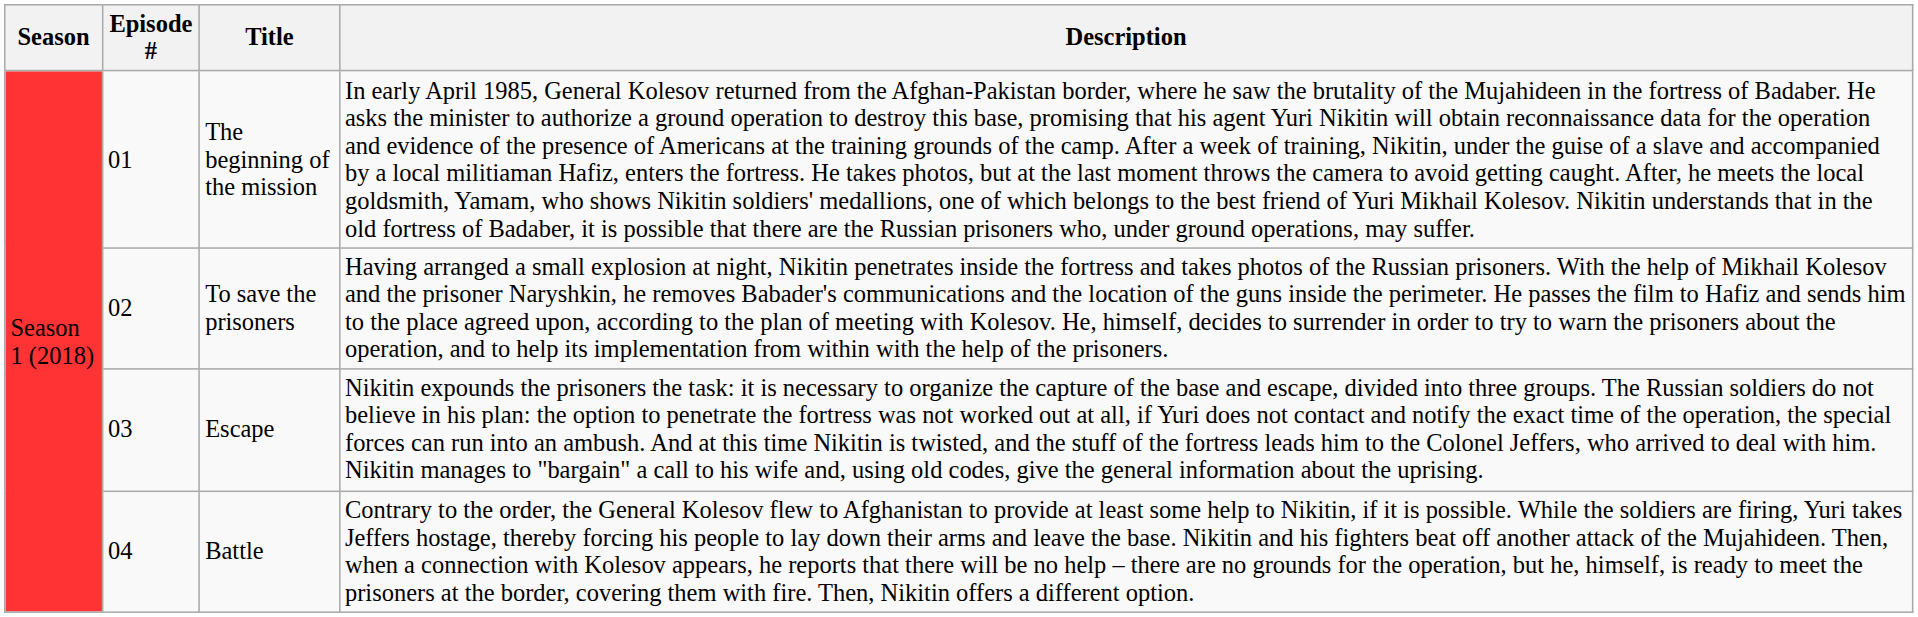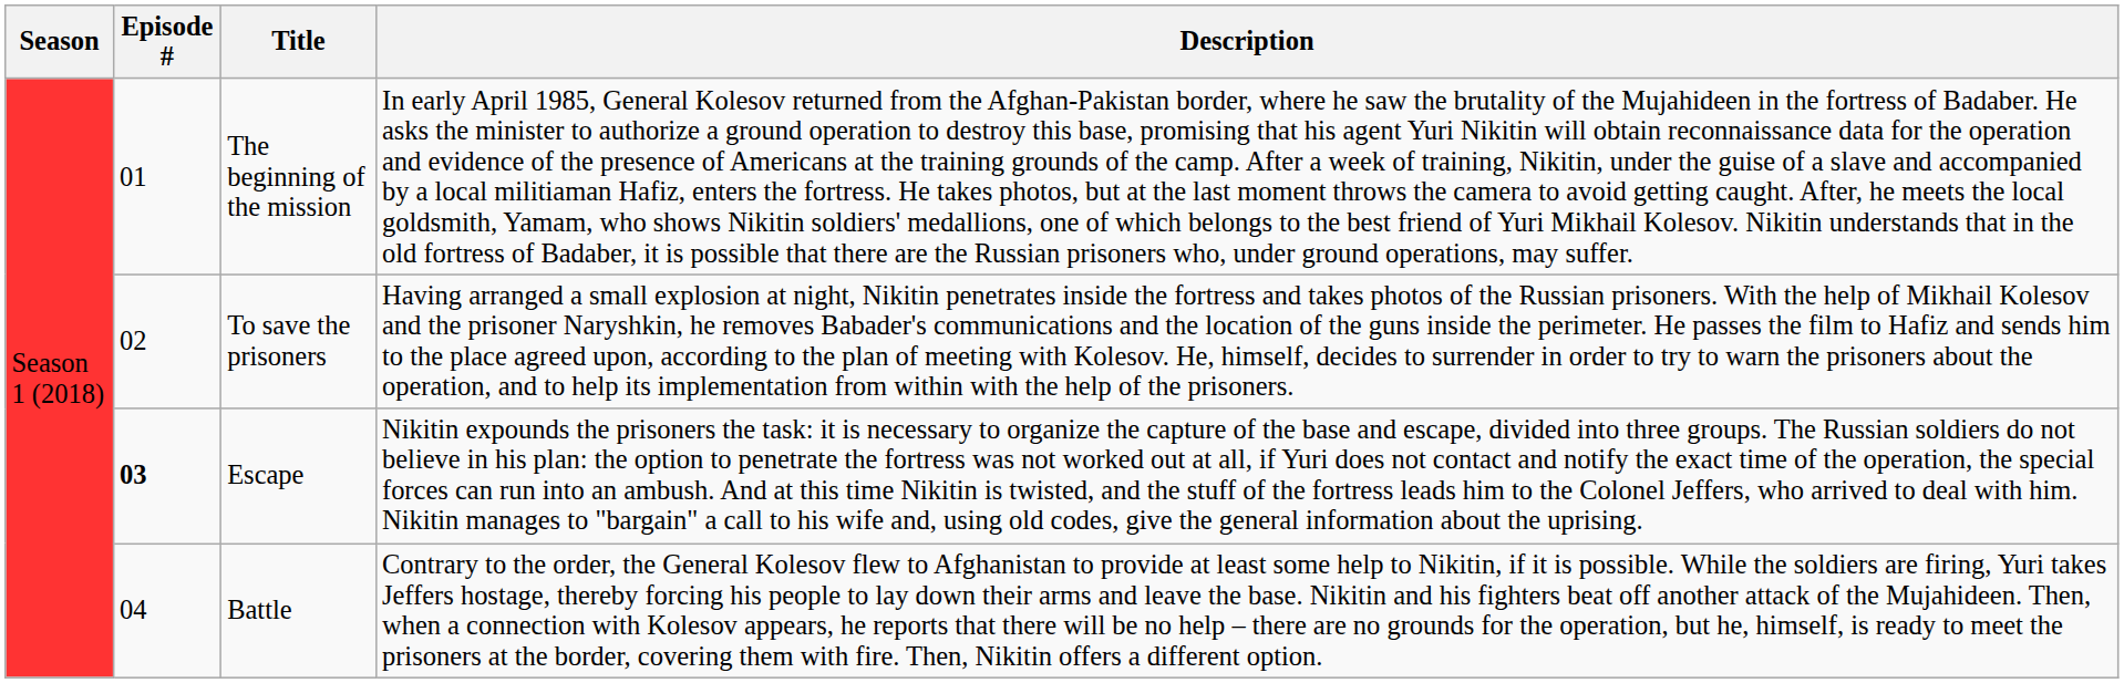 <table class="wikitable">
 <tr>
 <th>Season</th>
 <th>Episode #</th>
 <th>Title</th>
 <th>Description</th>
 </tr>
 <tr>
 <td rowspan="4" style="background-color: #FF3333">Season 1 (2018)</td>
 <td>01</td>
 <td>The beginning of the mission</td>
 <td>In early April 1985, General Kolesov returned from the Afghan-Pakistan border, where he saw the brutality of the Mujahideen in the fortress of Badaber. He asks the minister to authorize a ground operation to destroy this base, promising that his agent Yuri Nikitin will obtain reconnaissance data for the operation and evidence of the presence of Americans at the training grounds of the camp. After a week of training, Nikitin, under the guise of a slave and accompanied by a local militiaman Hafiz, enters the fortress. He takes photos, but at the last moment throws the camera to avoid getting caught. After, he meets the local goldsmith, Yamam, who shows Nikitin soldiers' medallions, one of which belongs to the best friend of Yuri Mikhail Kolesov. Nikitin understands that in the old fortress of Badaber, it is possible that there are the Russian prisoners who, under ground operations, may suffer.</td>
 </tr>
 <tr>
 <td>02</td>
 <td>To save the prisoners</td>
 <td>Having arranged a small explosion at night, Nikitin penetrates inside the fortress and takes photos of the Russian prisoners. With the help of Mikhail Kolesov and the prisoner Naryshkin, he removes Babader's communications and the location of the guns inside the perimeter. He passes the film to Hafiz and sends him to the place agreed upon, according to the plan of meeting with Kolesov. He, himself, decides to surrender in order to try to warn the prisoners about the operation, and to help its implementation from within with the help of the prisoners.</td>
 </tr>
 <tr>
-<td>03</td>
+<td><strong>03</strong></td>
 <td>Escape</td>
 <td>Nikitin expounds the prisoners the task: it is necessary to organize the capture of the base and escape, divided into three groups. The Russian soldiers do not believe in his plan: the option to penetrate the fortress was not worked out at all, if Yuri does not contact and notify the exact time of the operation, the special forces can run into an ambush. And at this time Nikitin is twisted, and the stuff of the fortress leads him to the Colonel Jeffers, who arrived to deal with him. Nikitin manages to "bargain" a call to his wife and, using old codes, give the general information about the uprising.</td>
 </tr>
 <tr>
 <td>04</td>
 <td>Battle</td>
 <td>Contrary to the order, the General Kolesov flew to Afghanistan to provide at least some help to Nikitin, if it is possible. While the soldiers are firing, Yuri takes Jeffers hostage, thereby forcing his people to lay down their arms and leave the base. Nikitin and his fighters beat off another attack of the Mujahideen. Then, when a connection with Kolesov appears, he reports that there will be no help – there are no grounds for the operation, but he, himself, is ready to meet the prisoners at the border, covering them with fire. Then, Nikitin offers a different option.</td>
 </tr>
 </table>
